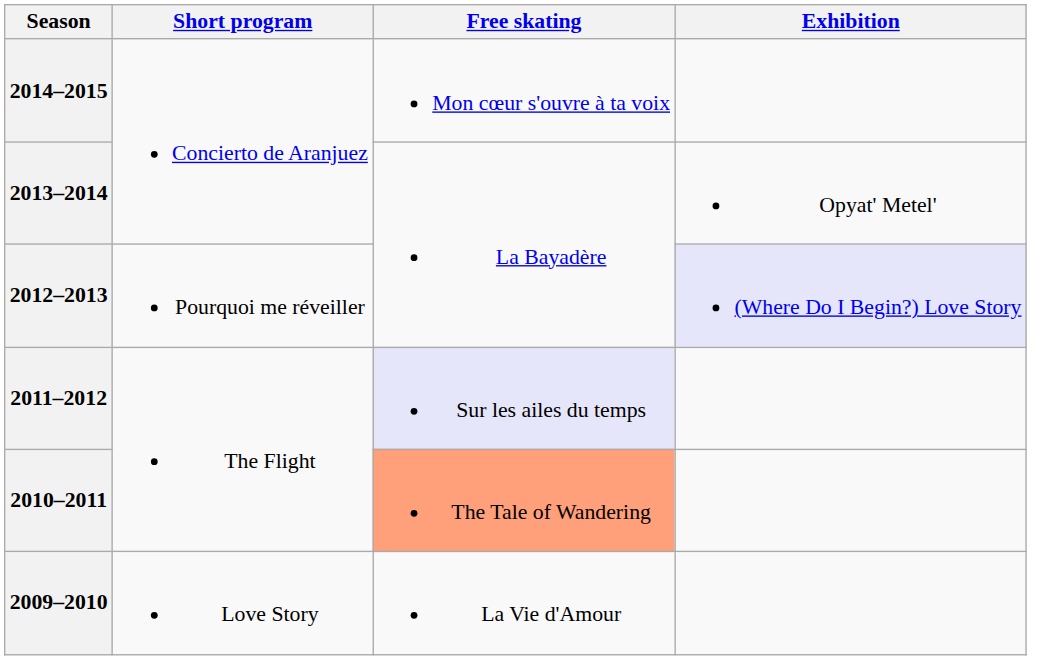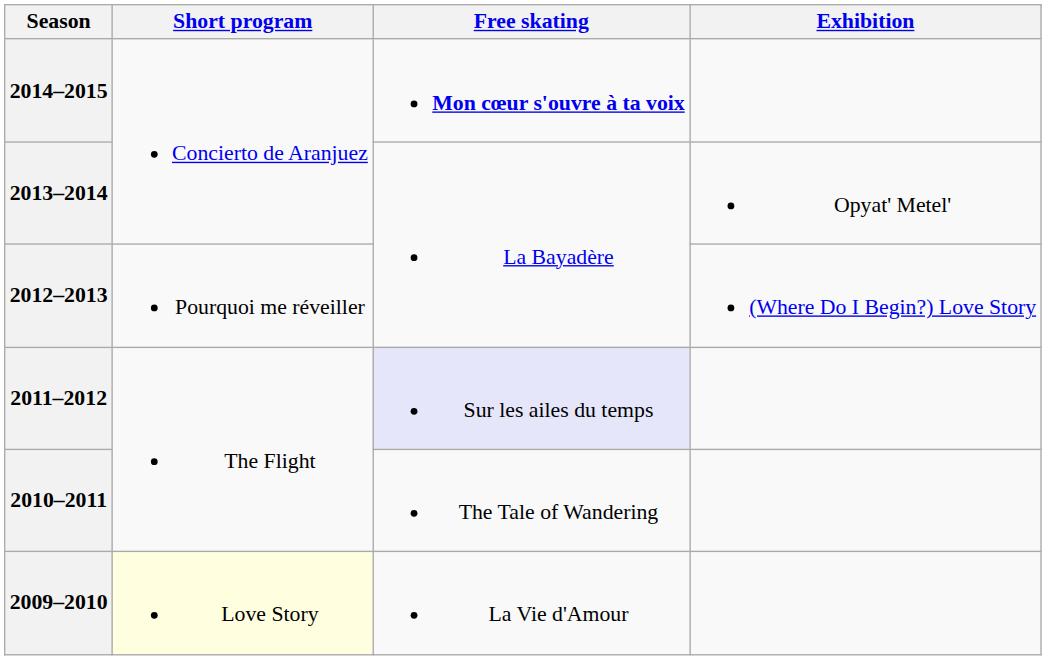 <table class="wikitable" style="text-align:center">
 <tr>
 <th>Season</th>
 <th><a href='#'>Short program</a></th>
 <th><a href='#'>Free skating</a></th>
 <th><a href='#'>Exhibition</a></th>
 </tr>
 <tr>
 <th>2014–2015 <br> </th>
 <td rowspan=2><br><ul><li><a href='#'>Concierto de Aranjuez</a> <br></li></ul></td>
-<td><br><ul><li><a href='#'>Mon cœur s'ouvre à ta voix</a> <br></li></ul></td>
+<td><strong><br><ul><li><a href='#'>Mon cœur s'ouvre à ta voix</a> <br></li></ul></strong></td>
 <td></td>
 </tr>
 <tr>
 <th>2013–2014 <br> </th>
 <td rowspan=2><br><ul><li><a href='#'>La Bayadère</a> <br></li></ul></td>
 <td><br><ul><li>Opyat' Metel' <br></li></ul></td>
 </tr>
 <tr>
 <th>2012–2013 <br> </th>
 <td><br><ul><li>Pourquoi me réveiller <br></li></ul></td>
-<td style="background: lavender;"><br><ul><li><a href='#'>(Where Do I Begin?) Love Story</a> <br></li></ul></td>
+<td><br><ul><li><a href='#'>(Where Do I Begin?) Love Story</a> <br></li></ul></td>
 </tr>
 <tr>
 <th>2011–2012 <br> </th>
 <td rowspan=2><br><ul><li>The Flight <br></li></ul></td>
 <td style="background: lavender;"><br><ul><li>Sur les ailes du temps <br></li></ul></td>
 <td></td>
 </tr>
 <tr>
 <th>2010–2011</th>
-<td style="background: lightsalmon;"><br><ul><li>The Tale of Wandering <br></li></ul></td>
+<td><br><ul><li>The Tale of Wandering <br></li></ul></td>
 <td></td>
 </tr>
 <tr>
 <th>2009–2010 <br> </th>
-<td><br><ul><li>Love Story <br></li></ul></td>
+<td style="background: lightyellow;"><br><ul><li>Love Story <br></li></ul></td>
 <td><br><ul><li>La Vie d'Amour</li></ul></td>
 <td></td>
 </tr>
 </table>
